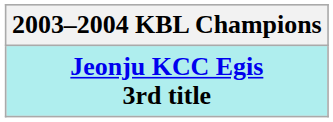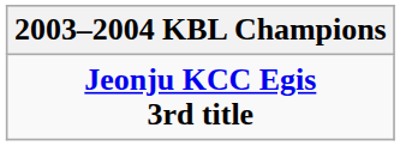 <table class=wikitable style="text-align:center; margin:auto">
 <tr>
 <th>2003–2004 KBL Champions</th>
 </tr>
 <tr>
-<td style="background: paleturquoise;"><strong><a href='#'>Jeonju KCC Egis</a></strong><br><strong>3rd title</strong></td>
+<td><strong><a href='#'>Jeonju KCC Egis</a></strong><br><strong>3rd title</strong></td>
 </tr>
 </table>
